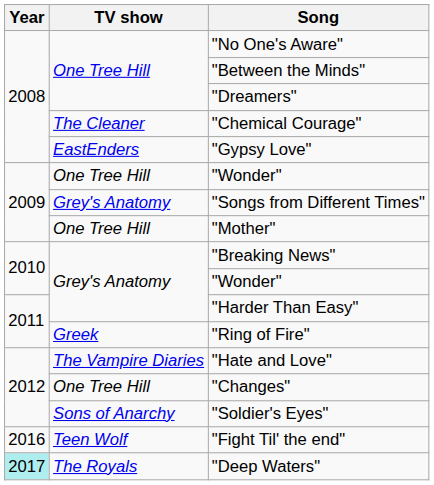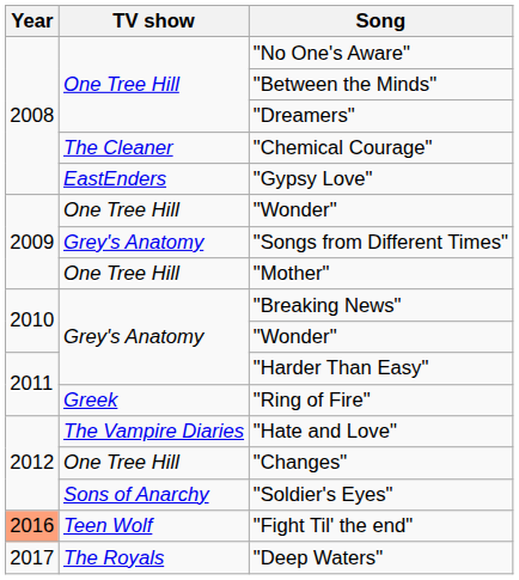 <table class="wikitable">
 <tr>
 <th scope="col">Year</th>
 <th scope="col">TV show</th>
 <th scope="col">Song</th>
 </tr>
 <tr>
 <td rowspan="5">2008</td>
 <td rowspan="3"><em><a href='#'>One Tree Hill</a></em></td>
 <td>"No One's Aware"</td>
 </tr>
 <tr>
 <td>"Between the Minds"</td>
 </tr>
 <tr>
 <td>"Dreamers"</td>
 </tr>
 <tr>
 <td><em><a href='#'>The Cleaner</a></em></td>
 <td>"Chemical Courage"</td>
 </tr>
 <tr>
 <td><em><a href='#'>EastEnders</a></em></td>
 <td>"Gypsy Love"</td>
 </tr>
 <tr>
 <td rowspan="3">2009</td>
 <td><em>One Tree Hill</em></td>
 <td>"Wonder"</td>
 </tr>
 <tr>
 <td><em><a href='#'>Grey's Anatomy</a></em></td>
 <td>"Songs from Different Times"</td>
 </tr>
 <tr>
 <td><em>One Tree Hill</em></td>
 <td>"Mother"</td>
 </tr>
 <tr>
 <td rowspan="2">2010</td>
 <td rowspan="3"><em>Grey's Anatomy</em></td>
 <td>"Breaking News"</td>
 </tr>
 <tr>
 <td>"Wonder"</td>
 </tr>
 <tr>
 <td rowspan="2">2011</td>
 <td>"Harder Than Easy"</td>
 </tr>
 <tr>
 <td><em><a href='#'>Greek</a></em></td>
 <td>"Ring of Fire"</td>
 </tr>
 <tr>
 <td rowspan="3">2012</td>
 <td><em><a href='#'>The Vampire Diaries</a></em></td>
 <td>"Hate and Love"</td>
 </tr>
 <tr>
 <td><em>One Tree Hill</em></td>
 <td>"Changes"</td>
 </tr>
 <tr>
 <td><em><a href='#'>Sons of Anarchy</a></em></td>
 <td>"Soldier's Eyes"</td>
 </tr>
 <tr>
-<td>2016</td>
+<td style="background: lightsalmon;">2016</td>
 <td><em><a href='#'>Teen Wolf</a></em></td>
 <td>"Fight Til' the end"</td>
 </tr>
 <tr>
-<td style="background: paleturquoise;">2017</td>
+<td>2017</td>
 <td><em><a href='#'>The Royals</a></em></td>
 <td>"Deep Waters"</td>
 </tr>
 </table>
